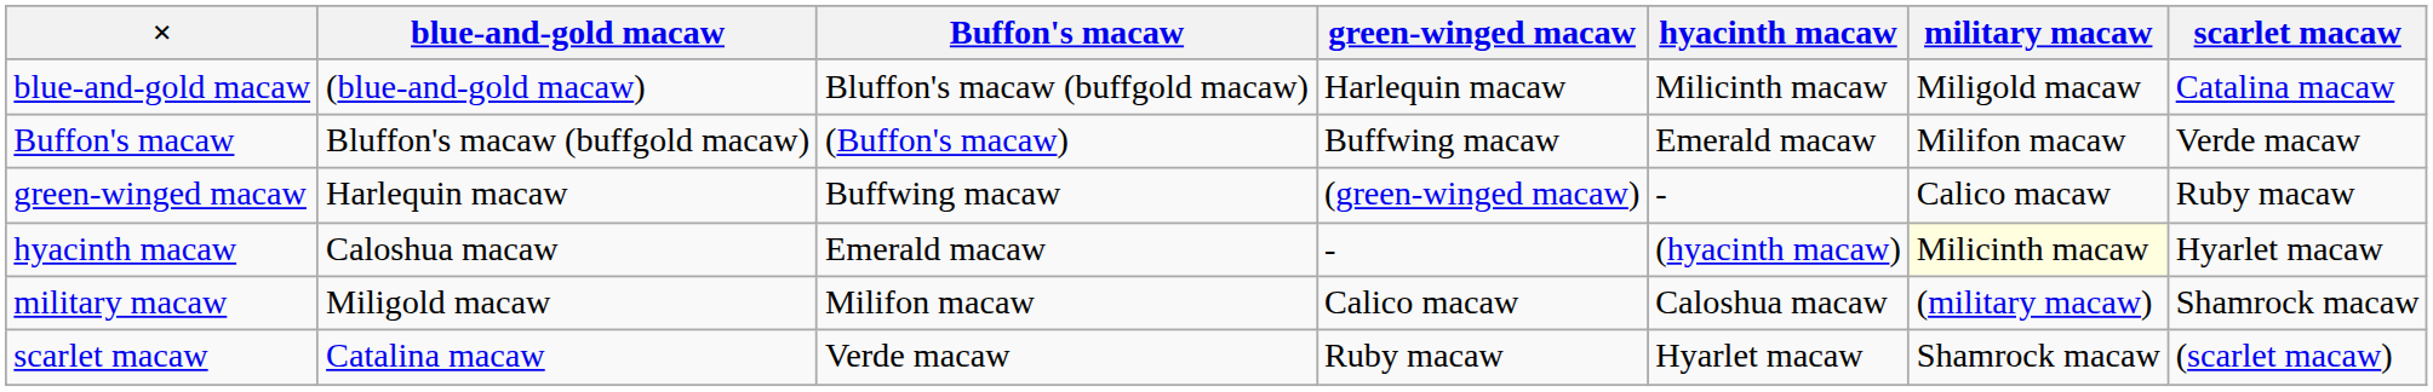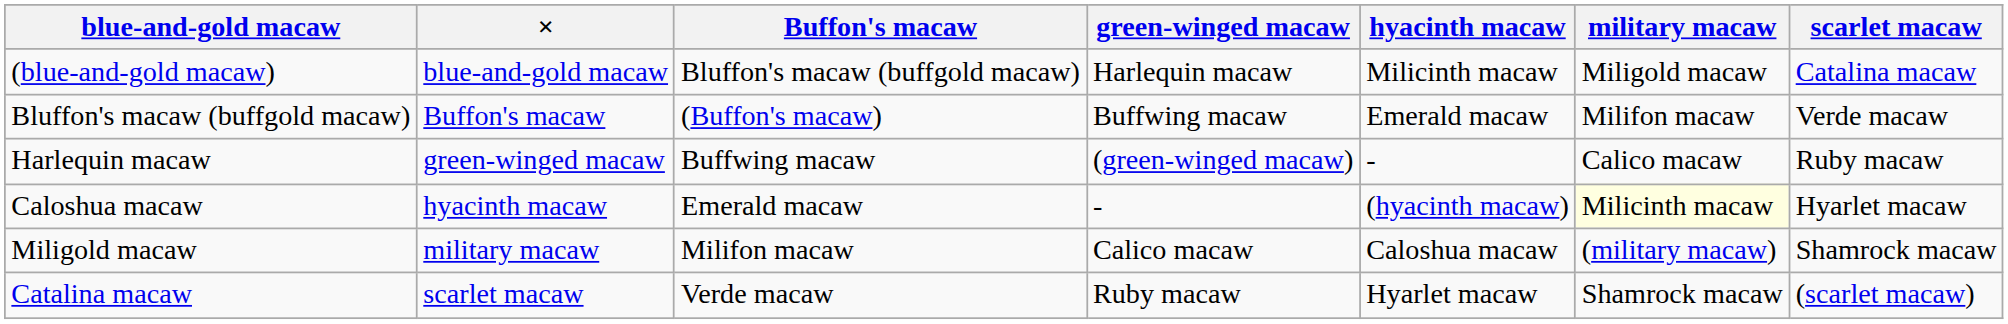 <table class="wikitable">
 <tr>
+<th><a href='#'>blue-and-gold macaw</a></th>
 <th>×</th>
-<th><a href='#'>blue-and-gold macaw</a></th>
 <th><a href='#'>Buffon's macaw</a></th>
 <th><a href='#'>green-winged macaw</a></th>
 <th><a href='#'>hyacinth macaw</a></th>
 <th><a href='#'>military macaw</a></th>
 <th><a href='#'>scarlet macaw</a></th>
 </tr>
 <tr>
+<td>(<a href='#'>blue-and-gold macaw</a>)</td>
 <td><a href='#'>blue-and-gold macaw</a></td>
-<td>(<a href='#'>blue-and-gold macaw</a>)</td>
 <td>Bluffon's macaw (buffgold macaw)</td>
 <td>Harlequin macaw</td>
 <td>Milicinth macaw</td>
 <td>Miligold macaw</td>
 <td><a href='#'>Catalina macaw</a></td>
 </tr>
 <tr>
+<td>Bluffon's macaw (buffgold macaw)</td>
 <td><a href='#'>Buffon's macaw</a></td>
-<td>Bluffon's macaw (buffgold macaw)</td>
 <td>(<a href='#'>Buffon's macaw</a>)</td>
 <td>Buffwing macaw</td>
 <td>Emerald macaw</td>
 <td>Milifon macaw</td>
 <td>Verde macaw</td>
 </tr>
 <tr>
+<td>Harlequin macaw</td>
 <td><a href='#'>green-winged macaw</a></td>
-<td>Harlequin macaw</td>
 <td>Buffwing macaw</td>
 <td>(<a href='#'>green-winged macaw</a>)</td>
 <td>-</td>
 <td>Calico macaw</td>
 <td>Ruby macaw</td>
 </tr>
 <tr>
+<td>Caloshua macaw</td>
 <td><a href='#'>hyacinth macaw</a></td>
-<td>Caloshua macaw</td>
 <td>Emerald macaw</td>
 <td>-</td>
 <td>(<a href='#'>hyacinth macaw</a>)</td>
 <td style="background: lightyellow;">Milicinth macaw</td>
 <td>Hyarlet macaw</td>
 </tr>
 <tr>
+<td>Miligold macaw</td>
 <td><a href='#'>military macaw</a></td>
-<td>Miligold macaw</td>
 <td>Milifon macaw</td>
 <td>Calico macaw</td>
 <td>Caloshua macaw</td>
 <td>(<a href='#'>military macaw</a>)</td>
 <td>Shamrock macaw</td>
 </tr>
 <tr>
+<td><a href='#'>Catalina macaw</a></td>
 <td><a href='#'>scarlet macaw</a></td>
-<td><a href='#'>Catalina macaw</a></td>
 <td>Verde macaw</td>
 <td>Ruby macaw</td>
 <td>Hyarlet macaw</td>
 <td>Shamrock macaw</td>
 <td>(<a href='#'>scarlet macaw</a>)</td>
 </tr>
 </table>
